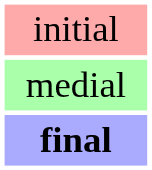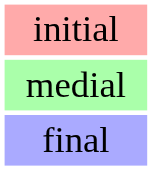 <table>
 <tr align=center>
 <td style="width:60px; background:#faa; height:20px;">initial</td>
 </tr>
 <tr align=center>
 <td style="background:#afa; height:20px;">medial</td>
 </tr>
 <tr align=center>
-<td style="background:#aaf; height:20px;"><strong>final</strong></td>
+<td style="background:#aaf; height:20px;">final</td>
 </tr>
 </table>
